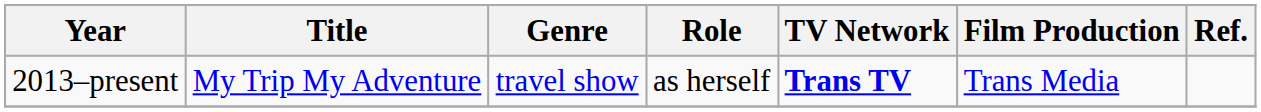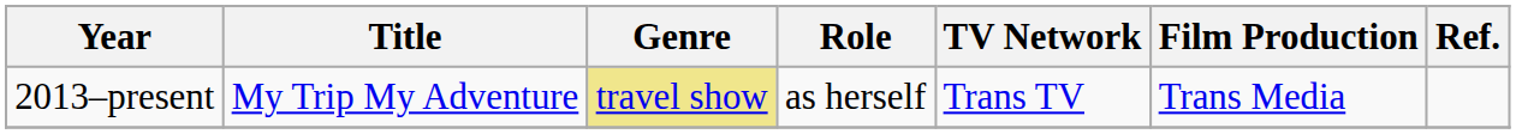 <table class="wikitable" style="font-size: 95%;">
 <tr>
 <th>Year</th>
 <th>Title</th>
 <th>Genre</th>
 <th>Role</th>
 <th>TV Network</th>
 <th>Film Production</th>
 <th>Ref.</th>
 </tr>
 <tr>
 <td>2013–present</td>
 <td><a href='#'>My Trip My Adventure</a></td>
-<td><a href='#'>travel show</a></td>
+<td style="background: khaki;"><a href='#'>travel show</a></td>
 <td>as herself</td>
-<td><strong><a href='#'>Trans TV</a></strong></td>
+<td><a href='#'>Trans TV</a></td>
 <td><a href='#'>Trans Media</a></td>
 <td></td>
 </tr>
 <tr>
 </tr>
 </table>
